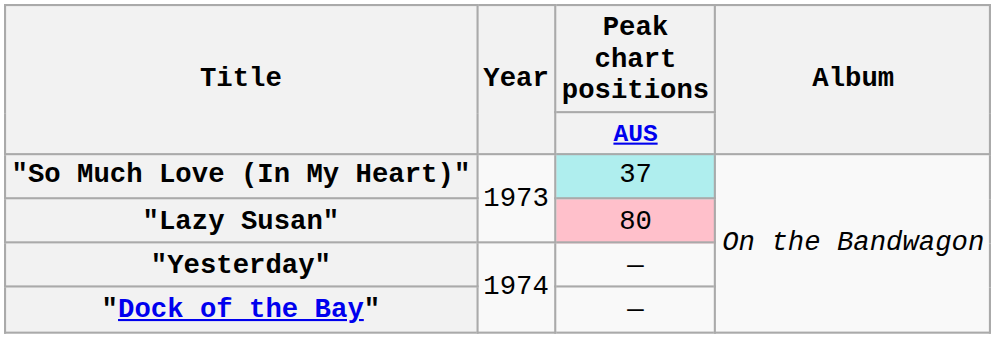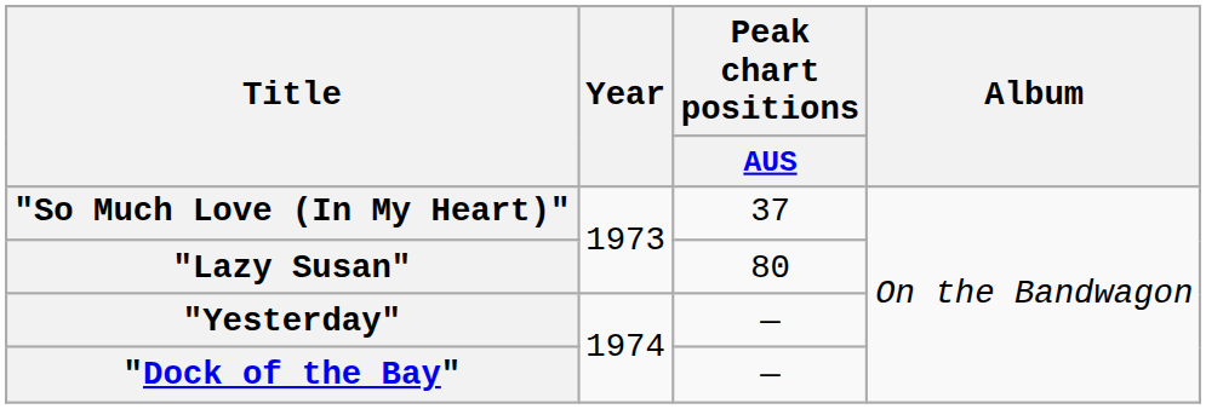 <table class="wikitable plainrowheaders" style="text-align:center">
 <tr>
 <th scope="col" rowspan="2">Title</th>
 <th scope="col" rowspan="2">Year</th>
 <th scope="col" colspan="1">Peak chart positions</th>
 <th scope="col" rowspan="2">Album</th>
 </tr>
 <tr>
 <th scope="col" style="width:3em; font-size:90%"><a href='#'>AUS</a><br></th>
 </tr>
 <tr>
 <th scope="row">"So Much Love (In My Heart)"</th>
 <td rowspan="2">1973</td>
-<td style="background: paleturquoise;">37</td>
+<td>37</td>
 <td rowspan="4"><em>On the Bandwagon</em></td>
 </tr>
 <tr>
 <th scope="row">"Lazy Susan"</th>
-<td style="background: pink;">80</td>
+<td>80</td>
 </tr>
 <tr>
 <th scope="row">"Yesterday"</th>
 <td rowspan="2">1974</td>
 <td>—</td>
 </tr>
 <tr>
 <th scope="row">"<a href='#'>Dock of the Bay</a>"</th>
 <td>—</td>
 </tr>
 </table>
